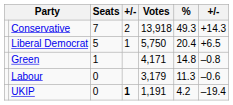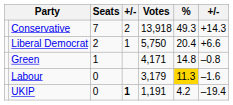 <table class="wikitable sortable">
 <tr>
 <th colspan="2">Party</th>
 <th>Seats</th>
 <th>+/-</th>
 <th>Votes</th>
 <th>%</th>
 <th>+/-</th>
 </tr>
 <tr>
 <td style="background-color: "></td>
 <td><a href='#'>Conservative</a></td>
 <td>7</td>
 <td> 2</td>
 <td>13,918</td>
 <td>49.3</td>
 <td><span>+14.3</span></td>
 </tr>
 <tr>
 <td style="background-color: "></td>
 <td><a href='#'>Liberal Democrat</a></td>
-<td>5</td>
+<td>2</td>
 <td> 1</td>
 <td>5,750</td>
 <td>20.4</td>
-<td><span>+6.5</span></td>
+<td><span>+6.6</span></td>
 </tr>
 <tr>
 <td style="background-color: "></td>
 <td><a href='#'>Green</a></td>
 <td>1</td>
 <td></td>
 <td>4,171</td>
 <td>14.8</td>
 <td><span>–0.8</span></td>
 </tr>
 <tr>
 <td style="background-color: "></td>
 <td><a href='#'>Labour</a></td>
 <td>0</td>
 <td></td>
 <td>3,179</td>
-<td>11.3</td>
-<td><span>–0.6</span></td>
+<td style="background: gold;">11.3</td>
+<td><span>–1.6</span></td>
 </tr>
 <tr>
 <td style="background-color: "></td>
 <td><a href='#'>UKIP</a></td>
 <td>0</td>
 <td><strong> 1</strong></td>
 <td>1,191</td>
 <td>4.2</td>
 <td><span>–19.4</span></td>
 </tr>
 </table>
